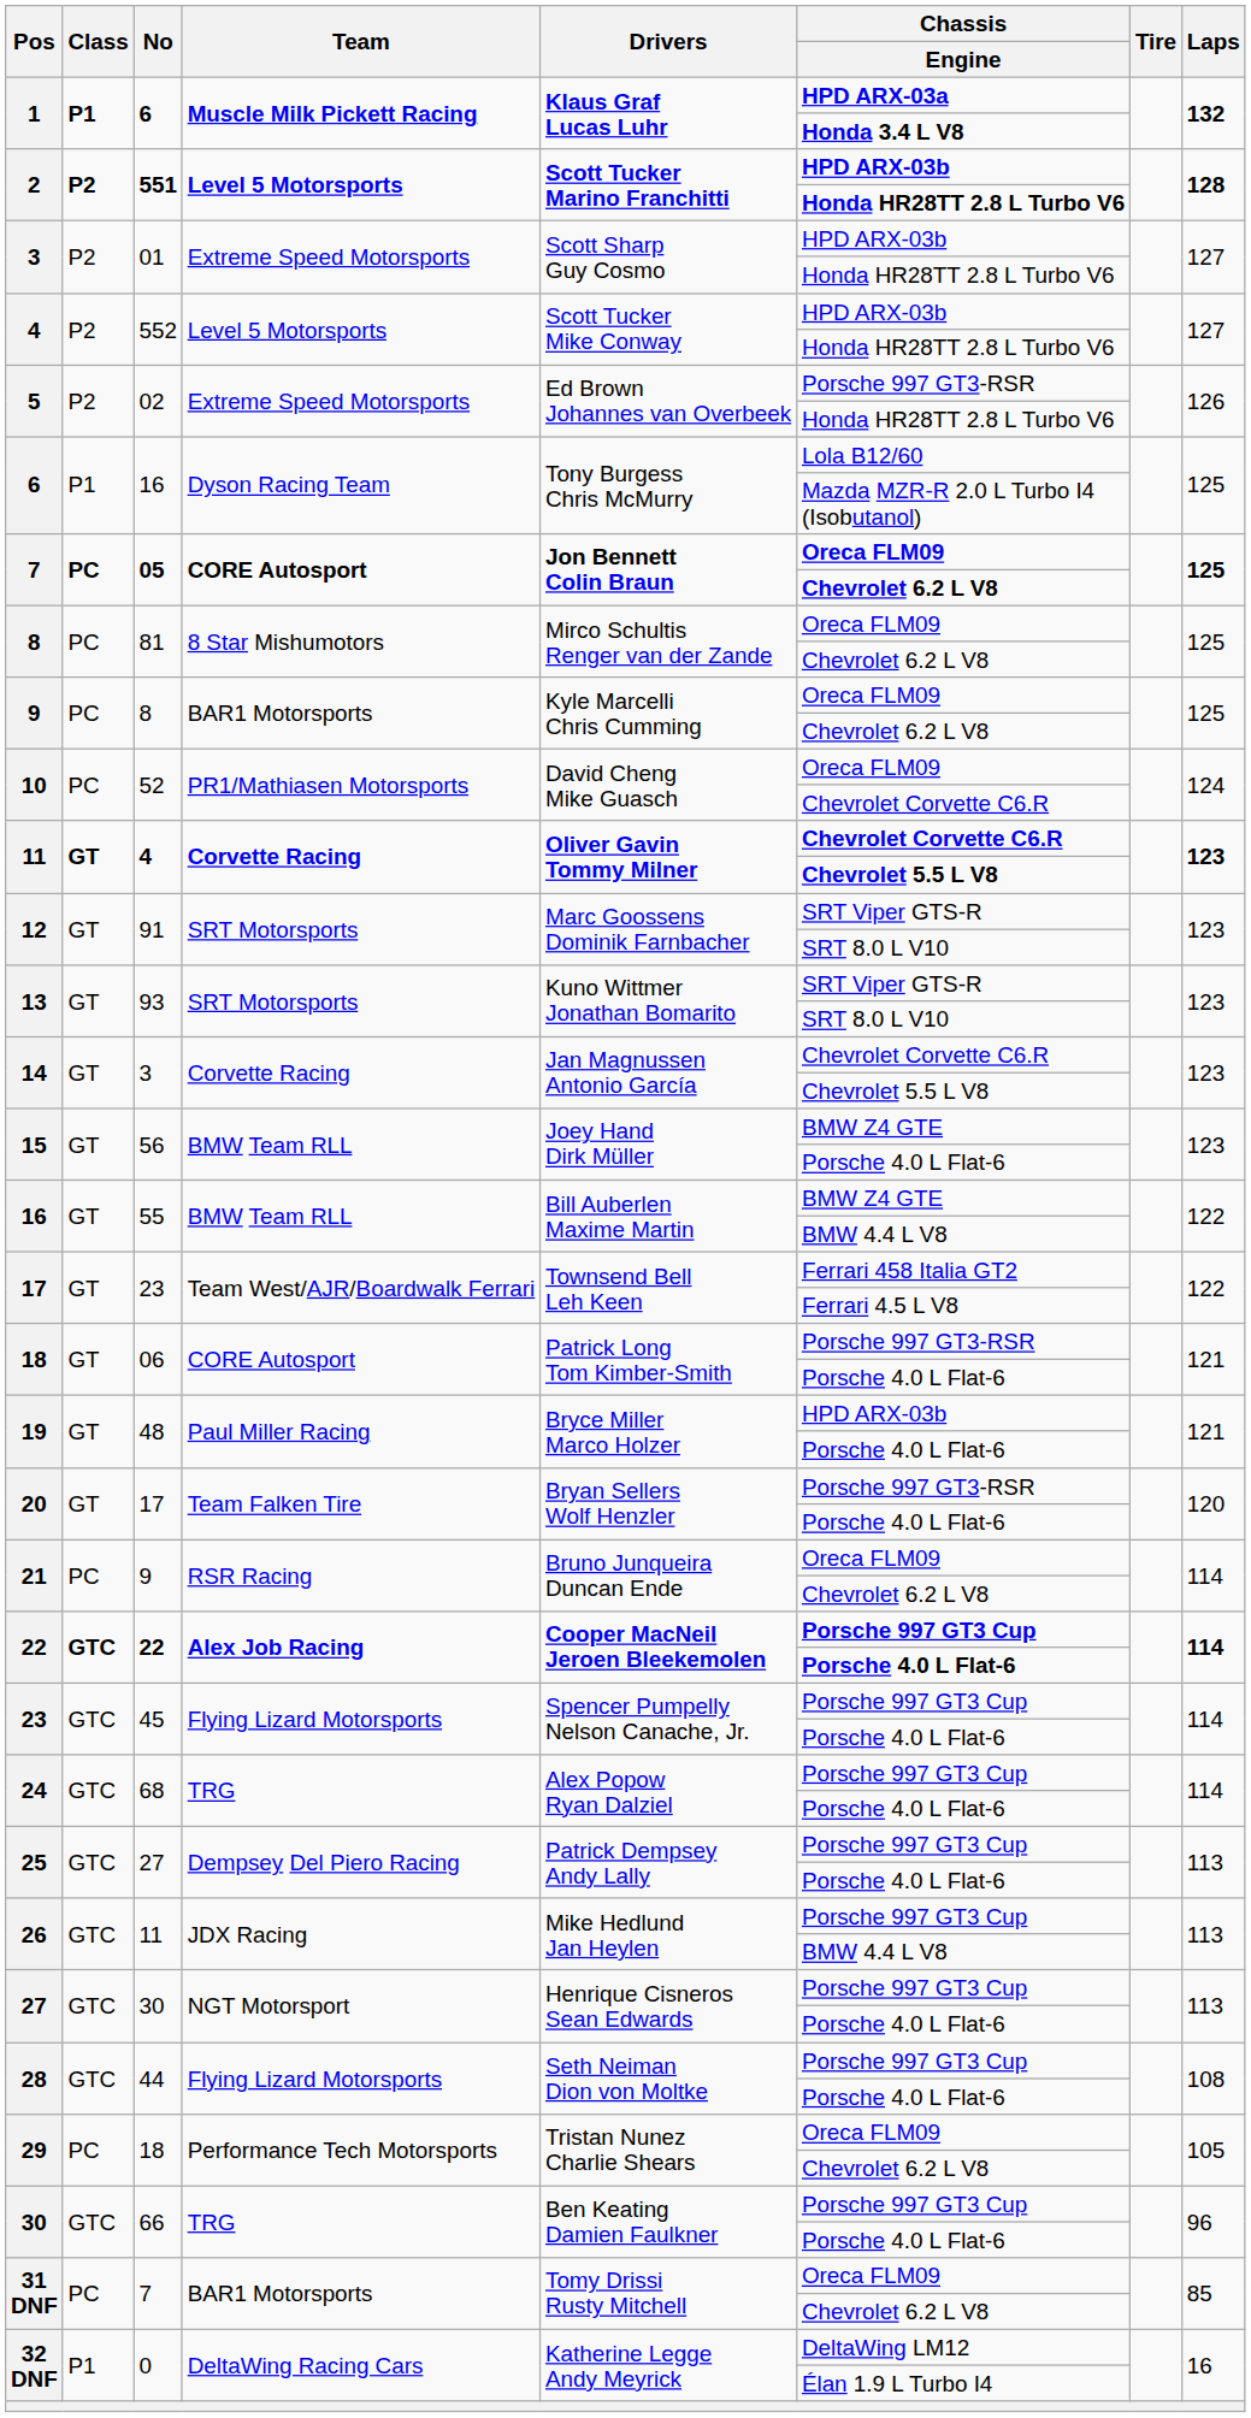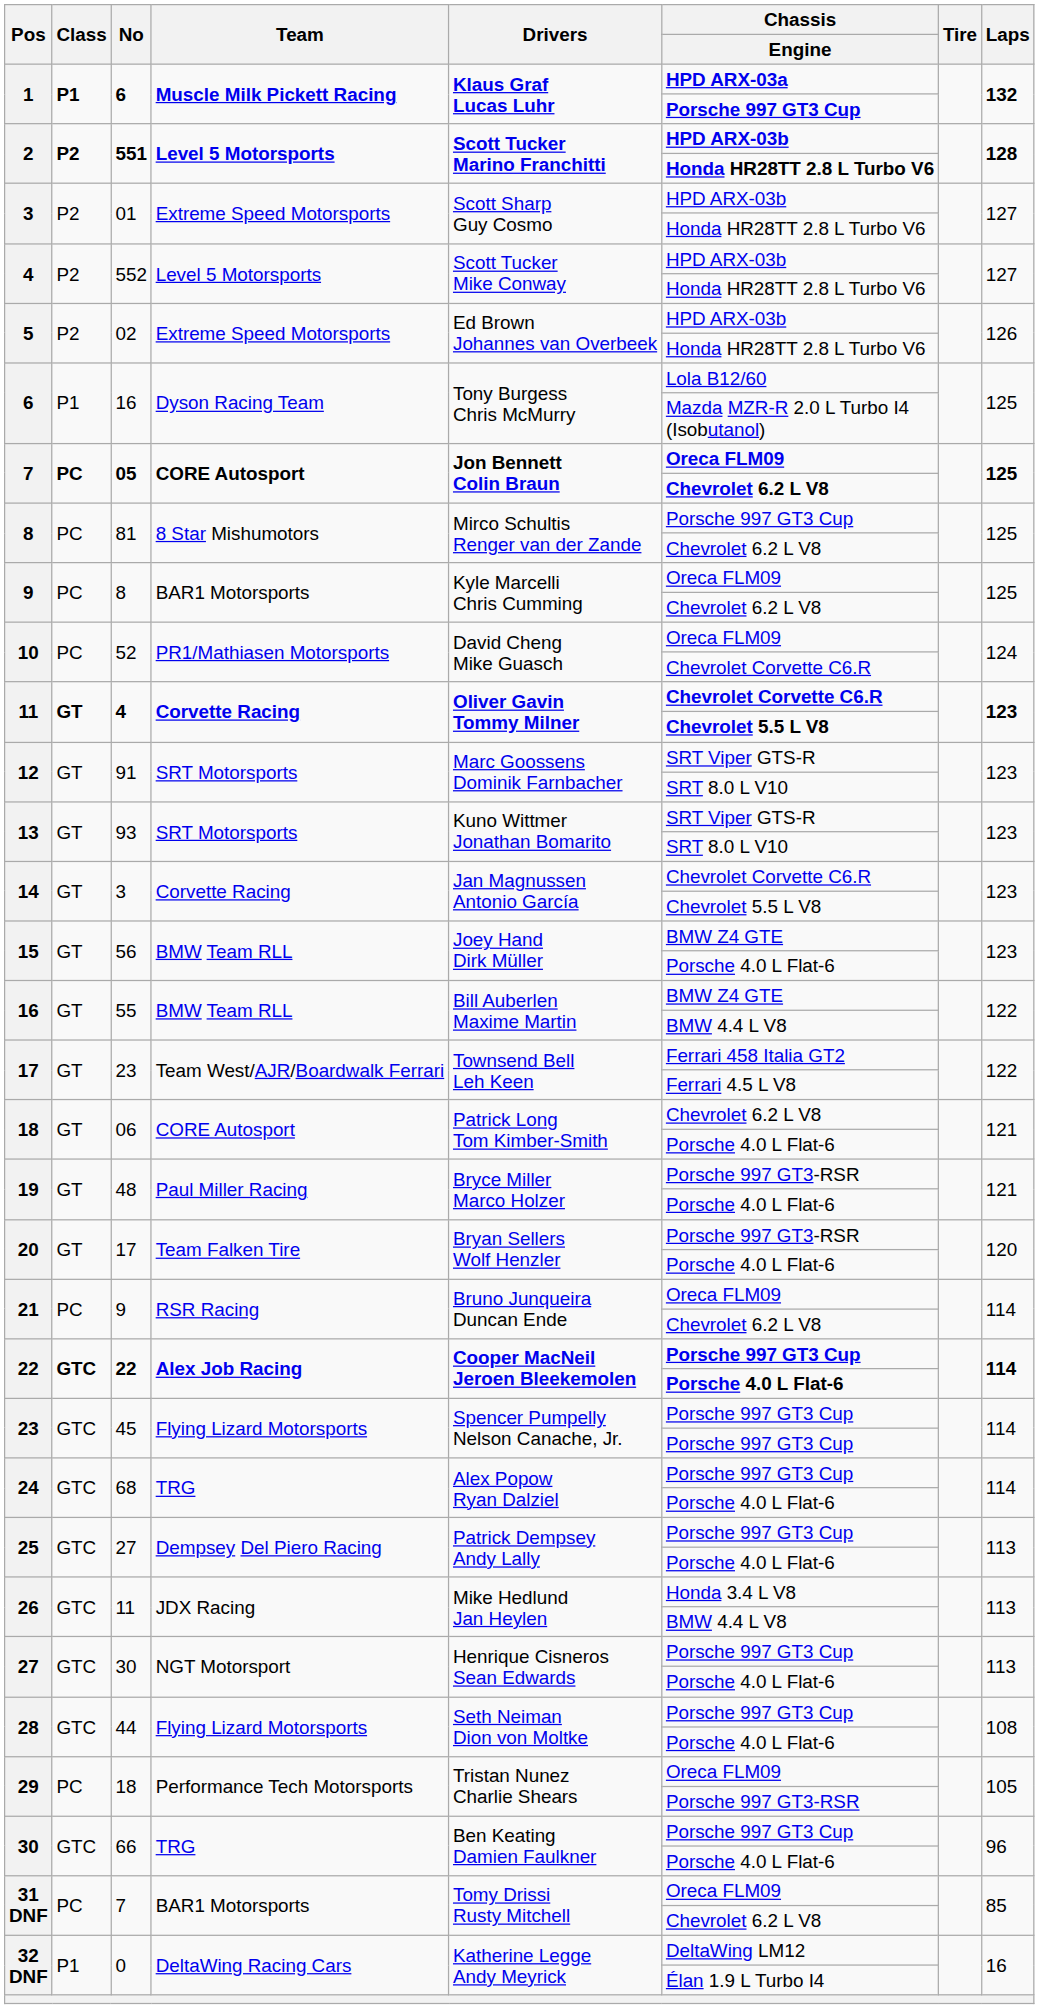 <table class="wikitable" style="font-size: 95%;">
 <tr>
 <th rowspan=2>Pos</th>
 <th rowspan=2>Class</th>
 <th rowspan=2>No</th>
 <th rowspan=2>Team</th>
 <th rowspan=2>Drivers</th>
 <th>Chassis</th>
 <th rowspan=2>Tire</th>
 <th rowspan=2>Laps</th>
 </tr>
 <tr>
 <th>Engine</th>
 </tr>
 <tr style="font-weight:bold">
 <th rowspan=2>1</th>
 <td rowspan=2>P1</td>
 <td rowspan=2>6</td>
 <td rowspan=2> <a href='#'>Muscle Milk Pickett Racing</a></td>
 <td rowspan=2> <a href='#'>Klaus Graf</a><br> <a href='#'>Lucas Luhr</a></td>
 <td><a href='#'>HPD ARX-03a</a></td>
 <td rowspan=2></td>
 <td rowspan=2>132</td>
 </tr>
 <tr style="font-weight:bold">
-<td><a href='#'>Honda</a> 3.4 L V8</td>
+<td><a href='#'>Porsche 997 GT3 Cup</a></td>
 </tr>
 <tr style="font-weight:bold">
 <th rowspan=2>2</th>
 <td rowspan=2>P2</td>
 <td rowspan=2>551</td>
 <td rowspan=2> <a href='#'>Level 5 Motorsports</a></td>
 <td rowspan=2> <a href='#'>Scott Tucker</a><br> <a href='#'>Marino Franchitti</a></td>
 <td><a href='#'>HPD ARX-03b</a></td>
 <td rowspan=2></td>
 <td rowspan=2>128</td>
 </tr>
 <tr style="font-weight:bold">
 <td><a href='#'>Honda</a> HR28TT 2.8 L Turbo V6</td>
 </tr>
 <tr>
 <th rowspan=2>3</th>
 <td rowspan=2>P2</td>
 <td rowspan=2>01</td>
 <td rowspan=2> <a href='#'>Extreme Speed Motorsports</a></td>
 <td rowspan=2> <a href='#'>Scott Sharp</a><br> Guy Cosmo</td>
 <td><a href='#'>HPD ARX-03b</a></td>
 <td rowspan=2></td>
 <td rowspan=2>127</td>
 </tr>
 <tr>
 <td><a href='#'>Honda</a> HR28TT 2.8 L Turbo V6</td>
 </tr>
 <tr>
 <th rowspan=2>4</th>
 <td rowspan=2>P2</td>
 <td rowspan=2>552</td>
 <td rowspan=2> <a href='#'>Level 5 Motorsports</a></td>
 <td rowspan=2> <a href='#'>Scott Tucker</a><br> <a href='#'>Mike Conway</a></td>
 <td><a href='#'>HPD ARX-03b</a></td>
 <td rowspan=2></td>
 <td rowspan=2>127</td>
 </tr>
 <tr>
 <td><a href='#'>Honda</a> HR28TT 2.8 L Turbo V6</td>
 </tr>
 <tr>
 <th rowspan=2>5</th>
 <td rowspan=2>P2</td>
 <td rowspan=2>02</td>
 <td rowspan=2> <a href='#'>Extreme Speed Motorsports</a></td>
 <td rowspan=2> Ed Brown<br> <a href='#'>Johannes van Overbeek</a></td>
-<td><a href='#'>Porsche 997 GT3</a>-RSR</td>
+<td><a href='#'>HPD ARX-03b</a></td>
 <td rowspan=2></td>
 <td rowspan=2>126</td>
 </tr>
 <tr>
 <td><a href='#'>Honda</a> HR28TT 2.8 L Turbo V6</td>
 </tr>
 <tr>
 <th rowspan=2>6</th>
 <td rowspan=2>P1</td>
 <td rowspan=2>16</td>
 <td rowspan=2> <a href='#'>Dyson Racing Team</a></td>
 <td rowspan=2> Tony Burgess<br> Chris McMurry</td>
 <td><a href='#'>Lola B12/60</a></td>
 <td rowspan=2></td>
 <td rowspan=2>125</td>
 </tr>
 <tr>
 <td><a href='#'>Mazda</a> <a href='#'>MZR-R</a> 2.0 L Turbo I4<br>(Isob<a href='#'>utanol</a>)</td>
 </tr>
 <tr style="font-weight:bold">
 <th rowspan=2>7</th>
 <td rowspan=2>PC</td>
 <td rowspan=2>05</td>
 <td rowspan=2> CORE Autosport</td>
 <td rowspan=2> Jon Bennett<br> <a href='#'>Colin Braun</a></td>
 <td><a href='#'>Oreca FLM09</a></td>
 <td rowspan=2></td>
 <td rowspan=2>125</td>
 </tr>
 <tr style="font-weight:bold">
 <td><a href='#'>Chevrolet</a> 6.2 L V8</td>
 </tr>
 <tr>
 <th rowspan=2>8</th>
 <td rowspan=2>PC</td>
 <td rowspan=2>81</td>
 <td rowspan=2> <a href='#'>8 Star</a> Mishumotors</td>
 <td rowspan=2> Mirco Schultis<br> <a href='#'>Renger van der Zande</a></td>
-<td><a href='#'>Oreca FLM09</a></td>
+<td><a href='#'>Porsche 997 GT3 Cup</a></td>
 <td rowspan=2></td>
 <td rowspan=2>125</td>
 </tr>
 <tr>
 <td><a href='#'>Chevrolet</a> 6.2 L V8</td>
 </tr>
 <tr>
 <th rowspan=2>9</th>
 <td rowspan=2>PC</td>
 <td rowspan=2>8</td>
 <td rowspan=2> BAR1 Motorsports</td>
 <td rowspan=2> Kyle Marcelli<br> Chris Cumming</td>
 <td><a href='#'>Oreca FLM09</a></td>
 <td rowspan=2></td>
 <td rowspan=2>125</td>
 </tr>
 <tr>
 <td><a href='#'>Chevrolet</a> 6.2 L V8</td>
 </tr>
 <tr>
 <th rowspan=2>10</th>
 <td rowspan=2>PC</td>
 <td rowspan=2>52</td>
 <td rowspan=2> <a href='#'>PR1/Mathiasen Motorsports</a></td>
 <td rowspan=2> David Cheng<br> Mike Guasch</td>
 <td><a href='#'>Oreca FLM09</a></td>
 <td rowspan=2></td>
 <td rowspan=2>124</td>
 </tr>
 <tr>
 <td><a href='#'>Chevrolet Corvette C6.R</a></td>
 </tr>
 <tr style="font-weight:bold">
 <th rowspan=2>11</th>
 <td rowspan=2>GT</td>
 <td rowspan=2>4</td>
 <td rowspan=2> <a href='#'>Corvette Racing</a></td>
 <td rowspan=2> <a href='#'>Oliver Gavin</a><br> <a href='#'>Tommy Milner</a></td>
 <td><a href='#'>Chevrolet Corvette C6.R</a></td>
 <td rowspan=2></td>
 <td rowspan=2>123</td>
 </tr>
 <tr style="font-weight:bold">
 <td><a href='#'>Chevrolet</a> 5.5 L V8</td>
 </tr>
 <tr>
 <th rowspan=2>12</th>
 <td rowspan=2>GT</td>
 <td rowspan=2>91</td>
 <td rowspan=2> <a href='#'>SRT Motorsports</a></td>
 <td rowspan=2> <a href='#'>Marc Goossens</a><br> <a href='#'>Dominik Farnbacher</a></td>
 <td><a href='#'>SRT Viper</a> GTS-R</td>
 <td rowspan=2></td>
 <td rowspan=2>123</td>
 </tr>
 <tr>
 <td><a href='#'>SRT</a> 8.0 L V10</td>
 </tr>
 <tr>
 <th rowspan=2>13</th>
 <td rowspan=2>GT</td>
 <td rowspan=2>93</td>
 <td rowspan=2> <a href='#'>SRT Motorsports</a></td>
 <td rowspan=2> Kuno Wittmer<br> <a href='#'>Jonathan Bomarito</a></td>
 <td><a href='#'>SRT Viper</a> GTS-R</td>
 <td rowspan=2></td>
 <td rowspan=2>123</td>
 </tr>
 <tr>
 <td><a href='#'>SRT</a> 8.0 L V10</td>
 </tr>
 <tr>
 <th rowspan=2>14</th>
 <td rowspan=2>GT</td>
 <td rowspan=2>3</td>
 <td rowspan=2> <a href='#'>Corvette Racing</a></td>
 <td rowspan=2> <a href='#'>Jan Magnussen</a><br> <a href='#'>Antonio García</a></td>
 <td><a href='#'>Chevrolet Corvette C6.R</a></td>
 <td rowspan=2></td>
 <td rowspan=2>123</td>
 </tr>
 <tr>
 <td><a href='#'>Chevrolet</a> 5.5 L V8</td>
 </tr>
 <tr>
 <th rowspan=2>15</th>
 <td rowspan=2>GT</td>
 <td rowspan=2>56</td>
 <td rowspan=2> <a href='#'>BMW</a> <a href='#'>Team RLL</a></td>
 <td rowspan=2> <a href='#'>Joey Hand</a><br> <a href='#'>Dirk Müller</a></td>
 <td><a href='#'>BMW Z4 GTE</a></td>
 <td rowspan=2></td>
 <td rowspan=2>123</td>
 </tr>
 <tr>
 <td><a href='#'>Porsche</a> 4.0 L Flat-6</td>
 </tr>
 <tr>
 <th rowspan=2>16</th>
 <td rowspan=2>GT</td>
 <td rowspan=2>55</td>
 <td rowspan=2> <a href='#'>BMW</a> <a href='#'>Team RLL</a></td>
 <td rowspan=2> <a href='#'>Bill Auberlen</a><br> <a href='#'>Maxime Martin</a></td>
 <td><a href='#'>BMW Z4 GTE</a></td>
 <td rowspan=2></td>
 <td rowspan=2>122</td>
 </tr>
 <tr>
 <td><a href='#'>BMW</a> 4.4 L V8</td>
 </tr>
 <tr>
 <th rowspan=2>17</th>
 <td rowspan=2>GT</td>
 <td rowspan=2>23</td>
 <td rowspan=2> Team West/<a href='#'>AJR</a>/<a href='#'>Boardwalk Ferrari</a></td>
 <td rowspan=2> <a href='#'>Townsend Bell</a><br> <a href='#'>Leh Keen</a></td>
 <td><a href='#'>Ferrari 458 Italia GT2</a></td>
 <td rowspan=2></td>
 <td rowspan=2>122</td>
 </tr>
 <tr>
 <td><a href='#'>Ferrari</a> 4.5 L V8</td>
 </tr>
 <tr>
 <th rowspan=2>18</th>
 <td rowspan=2>GT</td>
 <td rowspan=2>06</td>
 <td rowspan=2> <a href='#'>CORE Autosport</a></td>
 <td rowspan=2> <a href='#'>Patrick Long</a><br> <a href='#'>Tom Kimber-Smith</a></td>
-<td><a href='#'>Porsche 997 GT3-RSR</a></td>
+<td><a href='#'>Chevrolet</a> 6.2 L V8</td>
 <td rowspan=2></td>
 <td rowspan=2>121</td>
 </tr>
 <tr>
 <td><a href='#'>Porsche</a> 4.0 L Flat-6</td>
 </tr>
 <tr>
 <th rowspan=2>19</th>
 <td rowspan=2>GT</td>
 <td rowspan=2>48</td>
 <td rowspan=2> <a href='#'>Paul Miller Racing</a></td>
 <td rowspan=2> <a href='#'>Bryce Miller</a><br> <a href='#'>Marco Holzer</a></td>
-<td><a href='#'>HPD ARX-03b</a></td>
+<td><a href='#'>Porsche 997 GT3</a>-RSR</td>
 <td rowspan=2></td>
 <td rowspan=2>121</td>
 </tr>
 <tr>
 <td><a href='#'>Porsche</a> 4.0 L Flat-6</td>
 </tr>
 <tr>
 <th rowspan=2>20</th>
 <td rowspan=2>GT</td>
 <td rowspan=2>17</td>
 <td rowspan=2> <a href='#'>Team Falken Tire</a></td>
 <td rowspan=2> <a href='#'>Bryan Sellers</a><br> <a href='#'>Wolf Henzler</a></td>
 <td><a href='#'>Porsche 997 GT3</a>-RSR</td>
 <td rowspan=2></td>
 <td rowspan=2>120</td>
 </tr>
 <tr>
 <td><a href='#'>Porsche</a> 4.0 L Flat-6</td>
 </tr>
 <tr>
 <th rowspan=2>21</th>
 <td rowspan=2>PC</td>
 <td rowspan=2>9</td>
 <td rowspan=2> <a href='#'>RSR Racing</a></td>
 <td rowspan=2> <a href='#'>Bruno Junqueira</a><br> Duncan Ende</td>
 <td><a href='#'>Oreca FLM09</a></td>
 <td rowspan=2></td>
 <td rowspan=2>114</td>
 </tr>
 <tr>
 <td><a href='#'>Chevrolet</a> 6.2 L V8</td>
 </tr>
 <tr style="font-weight:bold">
 <th rowspan=2>22</th>
 <td rowspan=2>GTC</td>
 <td rowspan=2>22</td>
 <td rowspan=2> <a href='#'>Alex Job Racing</a></td>
 <td rowspan=2> <a href='#'>Cooper MacNeil</a><br> <a href='#'>Jeroen Bleekemolen</a></td>
 <td><a href='#'>Porsche 997 GT3 Cup</a></td>
 <td rowspan=2></td>
 <td rowspan=2>114</td>
 </tr>
 <tr style="font-weight:bold">
 <td><a href='#'>Porsche</a> 4.0 L Flat-6</td>
 </tr>
 <tr>
 <th rowspan=2>23</th>
 <td rowspan=2>GTC</td>
 <td rowspan=2>45</td>
 <td rowspan=2> <a href='#'>Flying Lizard Motorsports</a></td>
 <td rowspan=2> <a href='#'>Spencer Pumpelly</a><br> Nelson Canache, Jr.</td>
 <td><a href='#'>Porsche 997 GT3 Cup</a></td>
 <td rowspan=2></td>
 <td rowspan=2>114</td>
 </tr>
 <tr>
-<td><a href='#'>Porsche</a> 4.0 L Flat-6</td>
+<td><a href='#'>Porsche 997 GT3 Cup</a></td>
 </tr>
 <tr>
 <th rowspan=2>24</th>
 <td rowspan=2>GTC</td>
 <td rowspan=2>68</td>
 <td rowspan=2> <a href='#'>TRG</a></td>
 <td rowspan=2> <a href='#'>Alex Popow</a><br> <a href='#'>Ryan Dalziel</a></td>
 <td><a href='#'>Porsche 997 GT3 Cup</a></td>
 <td rowspan=2></td>
 <td rowspan=2>114</td>
 </tr>
 <tr>
 <td><a href='#'>Porsche</a> 4.0 L Flat-6</td>
 </tr>
 <tr>
 <th rowspan=2>25</th>
 <td rowspan=2>GTC</td>
 <td rowspan=2>27</td>
 <td rowspan=2> <a href='#'>Dempsey</a> <a href='#'>Del Piero Racing</a></td>
 <td rowspan=2> <a href='#'>Patrick Dempsey</a><br> <a href='#'>Andy Lally</a></td>
 <td><a href='#'>Porsche 997 GT3 Cup</a></td>
 <td rowspan=2></td>
 <td rowspan=2>113</td>
 </tr>
 <tr>
 <td><a href='#'>Porsche</a> 4.0 L Flat-6</td>
 </tr>
 <tr>
 <th rowspan=2>26</th>
 <td rowspan=2>GTC</td>
 <td rowspan=2>11</td>
 <td rowspan=2> JDX Racing</td>
 <td rowspan=2> Mike Hedlund<br> <a href='#'>Jan Heylen</a></td>
-<td><a href='#'>Porsche 997 GT3 Cup</a></td>
+<td><a href='#'>Honda</a> 3.4 L V8</td>
 <td rowspan=2></td>
 <td rowspan=2>113</td>
 </tr>
 <tr>
 <td><a href='#'>BMW</a> 4.4 L V8</td>
 </tr>
 <tr>
 <th rowspan=2>27</th>
 <td rowspan=2>GTC</td>
 <td rowspan=2>30</td>
 <td rowspan=2> NGT Motorsport</td>
 <td rowspan=2> Henrique Cisneros<br> <a href='#'>Sean Edwards</a></td>
 <td><a href='#'>Porsche 997 GT3 Cup</a></td>
 <td rowspan=2></td>
 <td rowspan=2>113</td>
 </tr>
 <tr>
 <td><a href='#'>Porsche</a> 4.0 L Flat-6</td>
 </tr>
 <tr>
 <th rowspan=2>28</th>
 <td rowspan=2>GTC</td>
 <td rowspan=2>44</td>
 <td rowspan=2> <a href='#'>Flying Lizard Motorsports</a></td>
 <td rowspan=2> <a href='#'>Seth Neiman</a><br> <a href='#'>Dion von Moltke</a></td>
 <td><a href='#'>Porsche 997 GT3 Cup</a></td>
 <td rowspan=2></td>
 <td rowspan=2>108</td>
 </tr>
 <tr>
 <td><a href='#'>Porsche</a> 4.0 L Flat-6</td>
 </tr>
 <tr>
 <th rowspan=2>29</th>
 <td rowspan=2>PC</td>
 <td rowspan=2>18</td>
 <td rowspan=2> Performance Tech Motorsports</td>
 <td rowspan=2> Tristan Nunez<br> Charlie Shears</td>
 <td><a href='#'>Oreca FLM09</a></td>
 <td rowspan=2></td>
 <td rowspan=2>105</td>
 </tr>
 <tr>
-<td><a href='#'>Chevrolet</a> 6.2 L V8</td>
+<td><a href='#'>Porsche 997 GT3-RSR</a></td>
 </tr>
 <tr>
 <th rowspan=2>30</th>
 <td rowspan=2>GTC</td>
 <td rowspan=2>66</td>
 <td rowspan=2> <a href='#'>TRG</a></td>
 <td rowspan=2> Ben Keating<br> <a href='#'>Damien Faulkner</a></td>
 <td><a href='#'>Porsche 997 GT3 Cup</a></td>
 <td rowspan=2></td>
 <td rowspan=2>96</td>
 </tr>
 <tr>
 <td><a href='#'>Porsche</a> 4.0 L Flat-6</td>
 </tr>
 <tr>
 <th rowspan=2>31<br>DNF</th>
 <td rowspan=2>PC</td>
 <td rowspan=2>7</td>
 <td rowspan=2> BAR1 Motorsports</td>
 <td rowspan=2> <a href='#'>Tomy Drissi</a><br> <a href='#'>Rusty Mitchell</a></td>
 <td><a href='#'>Oreca FLM09</a></td>
 <td rowspan=2></td>
 <td rowspan=2>85</td>
 </tr>
 <tr>
 <td><a href='#'>Chevrolet</a> 6.2 L V8</td>
 </tr>
 <tr>
 <th rowspan=2>32<br>DNF</th>
 <td rowspan=2>P1</td>
 <td rowspan=2>0</td>
 <td rowspan=2> <a href='#'>DeltaWing Racing Cars</a></td>
 <td rowspan=2> <a href='#'>Katherine Legge</a><br> <a href='#'>Andy Meyrick</a></td>
 <td><a href='#'>DeltaWing</a> LM12</td>
 <td rowspan=2></td>
 <td rowspan=2>16</td>
 </tr>
 <tr>
 <td><a href='#'>Élan</a> 1.9 L Turbo I4</td>
 </tr>
 <tr>
 <th colspan=8> </th>
 </tr>
 </table>
